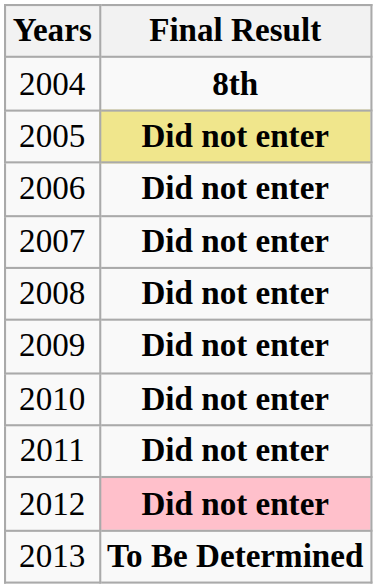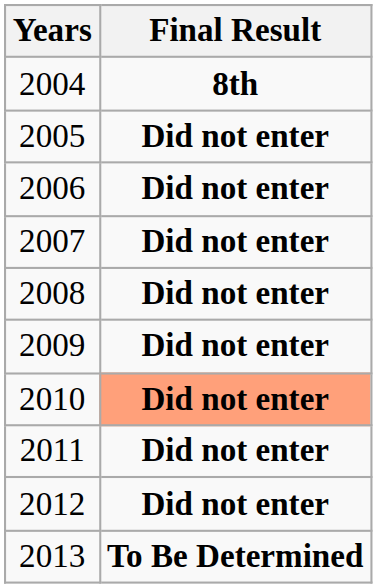 <table class="wikitable" style="text-align: center;">
 <tr>
 <th>Years</th>
 <th>Final Result</th>
 </tr>
 <tr>
 <td> 2004</td>
 <td><strong>8th</strong></td>
 </tr>
 <tr>
 <td> 2005</td>
-<td style="background: khaki;"><strong>Did not enter</strong></td>
+<td><strong>Did not enter</strong></td>
 </tr>
 <tr>
 <td> 2006</td>
 <td><strong>Did not enter</strong></td>
 </tr>
 <tr>
 <td> 2007</td>
 <td><strong>Did not enter</strong></td>
 </tr>
 <tr>
 <td> 2008</td>
 <td><strong>Did not enter</strong></td>
 </tr>
 <tr>
 <td> 2009</td>
 <td><strong>Did not enter</strong></td>
 </tr>
 <tr>
 <td> 2010</td>
-<td><strong>Did not enter</strong></td>
+<td style="background: lightsalmon;"><strong>Did not enter</strong></td>
 </tr>
 <tr>
 <td> 2011</td>
 <td><strong>Did not enter</strong></td>
 </tr>
 <tr>
 <td> 2012</td>
-<td style="background: pink;"><strong>Did not enter</strong></td>
+<td><strong>Did not enter</strong></td>
 </tr>
 <tr>
 <td> 2013</td>
 <td><strong>To Be Determined</strong></td>
 </tr>
 </table>
